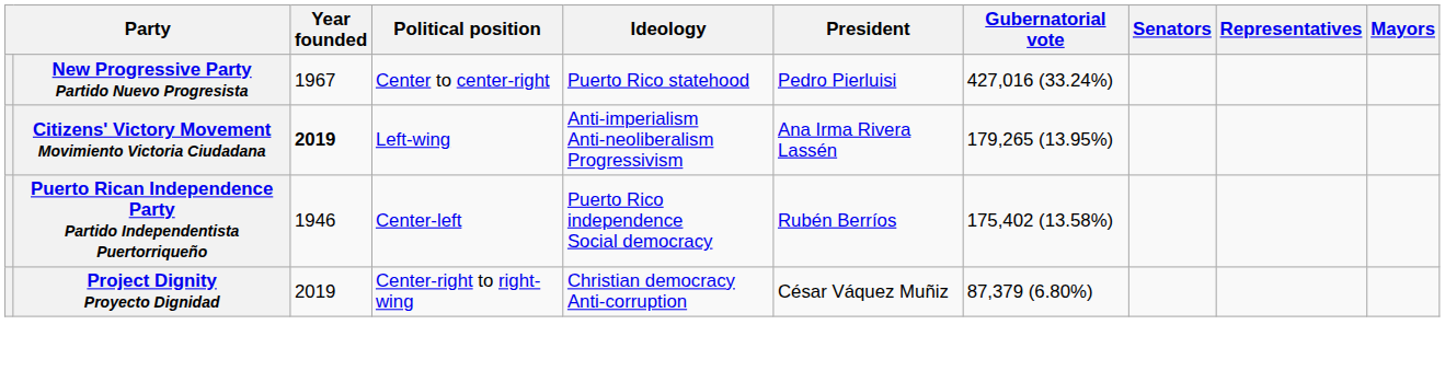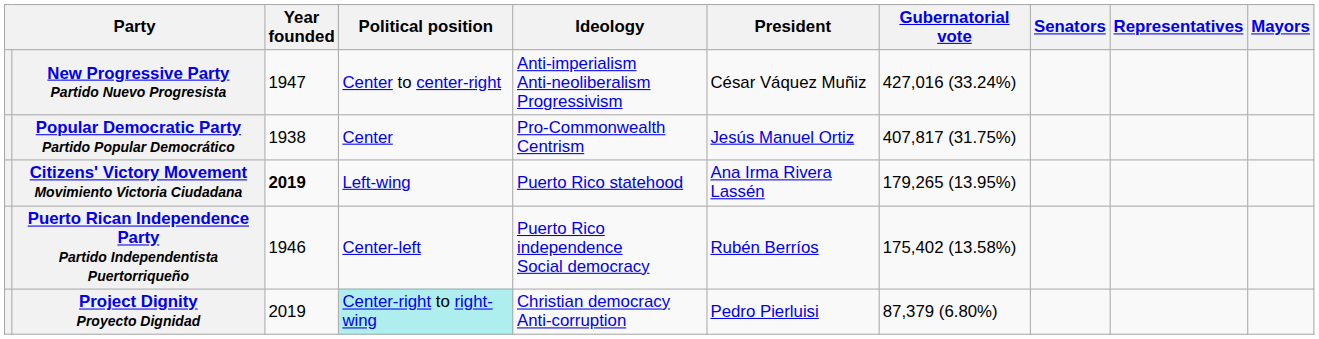 <table class="wikitable sortable plainrowheaders">
 <tr>
 <th colspan="2" scope="col">Party</th>
 <th scope="col">Year<br>founded</th>
 <th>Political position</th>
 <th scope="col">Ideology</th>
 <th scope="col">President</th>
 <th scope="col"><a href='#'>Gubernatorial vote</a></th>
 <th scope="col"><a href='#'>Senators</a></th>
 <th scope="col"><a href='#'>Representatives</a></th>
 <th scope="col"><a href='#'>Mayors</a></th>
 </tr>
 <tr>
 <th style="background-color:"></th>
 <th><a href='#'>New Progressive Party</a><br><small><em>Partido Nuevo Progresista</em></small></th>
-<td>1967</td>
+<td>1947</td>
 <td><a href='#'>Center</a> to <a href='#'>center-right</a></td>
-<td><a href='#'>Puerto Rico statehood</a></td>
-<td><a href='#'>Pedro Pierluisi</a></td>
+<td><a href='#'>Anti-imperialism</a><br><a href='#'>Anti-neoliberalism</a><br><a href='#'>Progressivism</a></td>
+<td>César Váquez Muñiz</td>
 <td>427,016 (33.24%)</td>
+<td></td>
+<td></td>
+<td></td>
+</tr>
+<tr>
+<th style="background-color:"></th>
+<th><a href='#'>Popular Democratic Party</a><br><small><em>Partido Popular Democrático</em></small></th>
+<td>1938</td>
+<td><a href='#'>Center</a></td>
+<td><a href='#'>Pro-Commonwealth</a><br><a href='#'>Centrism</a></td>
+<td><a href='#'>Jesús Manuel Ortiz</a></td>
+<td>407,817 (31.75%)</td>
 <td></td>
 <td></td>
 <td></td>
 </tr>
 <tr>
 <th style="background-color:"></th>
 <th><a href='#'>Citizens' Victory Movement</a><br><small><em>Movimiento Victoria Ciudadana</em></small></th>
 <td><strong>2019</strong></td>
 <td><a href='#'>Left-wing</a></td>
-<td><a href='#'>Anti-imperialism</a><br><a href='#'>Anti-neoliberalism</a><br><a href='#'>Progressivism</a></td>
+<td><a href='#'>Puerto Rico statehood</a></td>
 <td><a href='#'>Ana Irma Rivera Lassén</a></td>
 <td>179,265 (13.95%)</td>
 <td></td>
 <td></td>
 <td></td>
 </tr>
 <tr>
 <th style="background-color:"></th>
 <th><a href='#'>Puerto Rican Independence Party</a><br><small><em>Partido Independentista Puertorriqueño</em></small></th>
 <td>1946</td>
 <td><a href='#'>Center-left</a></td>
 <td><a href='#'>Puerto Rico independence</a><br><a href='#'>Social democracy</a></td>
 <td><a href='#'>Rubén Berríos</a></td>
 <td>175,402 (13.58%)</td>
 <td></td>
 <td></td>
 <td></td>
 </tr>
 <tr>
 <th style="background-color:"></th>
 <th><a href='#'>Project Dignity</a><br><small><em>Proyecto Dignidad</em></small></th>
 <td>2019</td>
-<td><a href='#'>Center-right</a> to <a href='#'>right-wing</a></td>
+<td style="background: paleturquoise;"><a href='#'>Center-right</a> to <a href='#'>right-wing</a></td>
 <td><a href='#'>Christian democracy</a><br><a href='#'>Anti-corruption</a></td>
-<td>César Váquez Muñiz</td>
+<td><a href='#'>Pedro Pierluisi</a></td>
 <td>87,379 (6.80%)</td>
 <td></td>
 <td></td>
 <td></td>
 </tr>
 </table>
